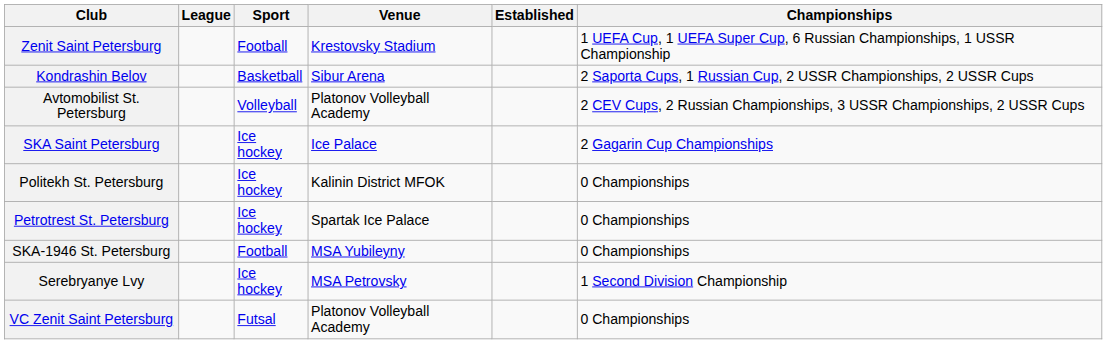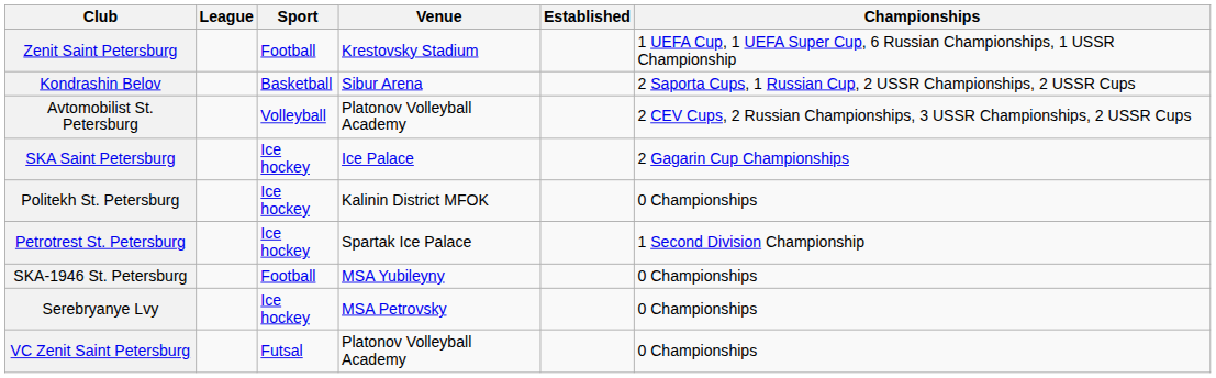 <table class="wikitable sortable" style="text-align: left;">
 <tr>
 <th scope="col">Club</th>
 <th scope="col">League</th>
 <th scope="col">Sport</th>
 <th scope="col">Venue</th>
 <th scope="col">Established</th>
 <th scope="col">Championships</th>
 </tr>
 <tr>
 <th scope="row" style="font-weight: normal; text-align: center;"><a href='#'>Zenit Saint Petersburg</a></th>
 <td></td>
 <td><a href='#'>Football</a></td>
 <td><a href='#'>Krestovsky Stadium</a></td>
 <td></td>
 <td>1 <a href='#'>UEFA Cup</a>, 1 <a href='#'>UEFA Super Cup</a>, 6 Russian Championships, 1 USSR Championship</td>
 </tr>
 <tr>
 <th scope="row" style="font-weight: normal; text-align: center;"><a href='#'>Kondrashin Belov</a></th>
 <td></td>
 <td><a href='#'>Basketball</a></td>
 <td><a href='#'>Sibur Arena</a></td>
 <td></td>
 <td>2 <a href='#'>Saporta Cups</a>, 1 <a href='#'>Russian Cup</a>, 2 USSR Championships, 2 USSR Cups</td>
 </tr>
 <tr>
 <th scope="row" style="font-weight: normal; text-align: center;">Avtomobilist St. Petersburg</th>
 <td></td>
 <td><a href='#'>Volleyball</a></td>
 <td>Platonov Volleyball Academy</td>
 <td></td>
 <td>2 <a href='#'>CEV Cups</a>, 2 Russian Championships, 3 USSR Championships, 2 USSR Cups</td>
 </tr>
 <tr>
 <th scope="row" style="font-weight: normal; text-align: center;"><a href='#'>SKA Saint Petersburg</a></th>
 <td></td>
 <td><a href='#'>Ice hockey</a></td>
 <td><a href='#'>Ice Palace</a></td>
 <td></td>
 <td>2 <a href='#'>Gagarin Cup Championships</a></td>
 </tr>
 <tr>
 <th scope="row" style="font-weight: normal; text-align: center;">Politekh St. Petersburg</th>
 <td></td>
 <td><a href='#'>Ice hockey</a></td>
 <td>Kalinin District MFOK</td>
 <td></td>
 <td>0 Championships</td>
 </tr>
 <tr>
 <th scope="row" style="font-weight: normal; text-align: center;"><a href='#'>Petrotrest St. Petersburg</a></th>
 <td></td>
 <td><a href='#'>Ice hockey</a></td>
 <td>Spartak Ice Palace</td>
 <td></td>
-<td>0 Championships</td>
+<td>1 <a href='#'>Second Division</a> Championship</td>
 </tr>
 <tr>
 <th scope="row" style="font-weight: normal; text-align: center;">SKA-1946 St. Petersburg</th>
 <td></td>
 <td><a href='#'>Football</a></td>
 <td><a href='#'>MSA Yubileyny</a></td>
 <td></td>
 <td>0 Championships</td>
 </tr>
 <tr>
 <th scope="row" style="font-weight: normal; text-align: center;">Serebryanye Lvy</th>
 <td></td>
 <td><a href='#'>Ice hockey</a></td>
 <td><a href='#'>MSA Petrovsky</a></td>
 <td></td>
-<td>1 <a href='#'>Second Division</a> Championship</td>
+<td>0 Championships</td>
 </tr>
 <tr>
 <th scope="row" style="font-weight: normal; text-align: center;"><a href='#'>VC Zenit Saint Petersburg</a></th>
 <td></td>
 <td><a href='#'>Futsal</a></td>
 <td>Platonov Volleyball Academy</td>
 <td></td>
 <td>0 Championships</td>
 </tr>
 </table>
